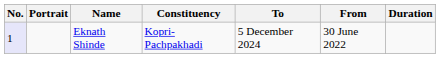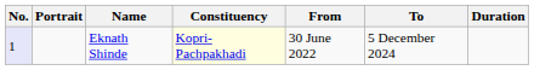 <table class="wikitable">
 <tr>
 <th style="background-color:">No.</th>
 <th style="background-color:">Portrait</th>
 <th style="background-color:">Name</th>
 <th style="background-color:">Constituency</th>
+<th style="background-color:">From</th>
 <th style="background-color:">To</th>
-<th style="background-color:">From</th>
 <th style="background-color:">Duration</th>
 </tr>
 <tr>
 <td style="background: lavender;">1</td>
 <td></td>
 <td><a href='#'>Eknath Shinde</a></td>
-<td><a href='#'>Kopri-Pachpakhadi</a></td>
+<td style="background: lightyellow;"><a href='#'>Kopri-Pachpakhadi</a></td>
+<td>30 June 2022</td>
 <td>5 December 2024</td>
-<td>30 June 2022</td>
 <td></td>
 </tr>
 </table>
